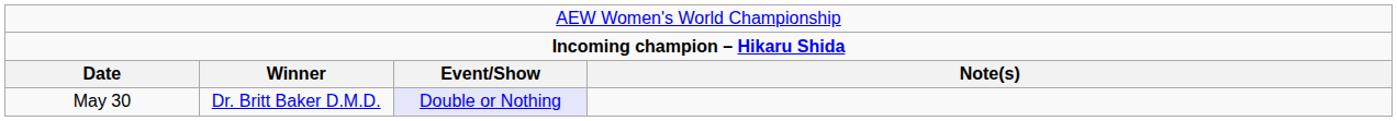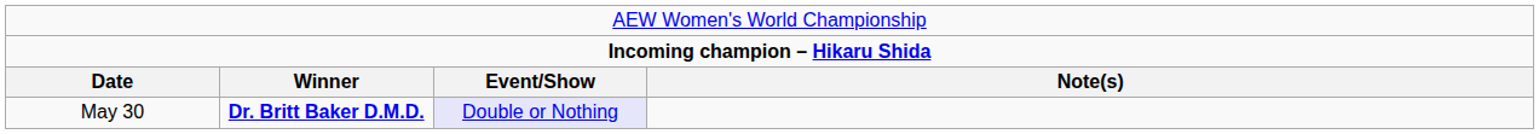 <table class="wikitable" style="text-align:center; width:100%;">
 <tr>
 <td colspan="4" style="text-align: center;"><a href='#'>AEW Women's World Championship</a></td>
 </tr>
 <tr>
 <td colspan="4" style="text-align: center;"><strong>Incoming champion – <a href='#'>Hikaru Shida</a></strong></td>
 </tr>
 <tr>
 <th width=14%>Date</th>
 <th width=14%>Winner</th>
 <th width=14%>Event/Show</th>
 <th width=58%>Note(s)</th>
 </tr>
 <tr>
 <td>May 30</td>
-<td><a href='#'>Dr. Britt Baker D.M.D.</a></td>
+<td><strong><a href='#'>Dr. Britt Baker D.M.D.</a></strong></td>
 <td style="background: lavender;"><a href='#'>Double or Nothing</a></td>
 <td></td>
 </tr>
 </table>
